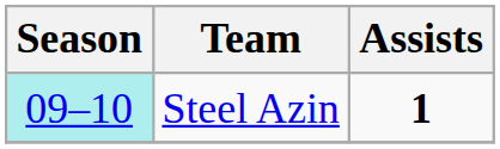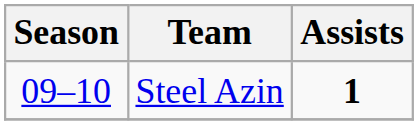 <table class="wikitable" style="text-align: center;">
 <tr>
 <th>Season</th>
 <th>Team</th>
 <th>Assists</th>
 </tr>
 <tr>
-<td style="background: paleturquoise;"><a href='#'>09–10</a></td>
+<td><a href='#'>09–10</a></td>
 <td align="left"><a href='#'>Steel Azin</a></td>
 <td><strong>1</strong></td>
 </tr>
 <tr>
 </tr>
 </table>
